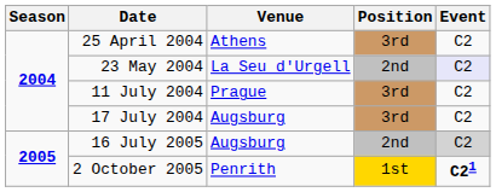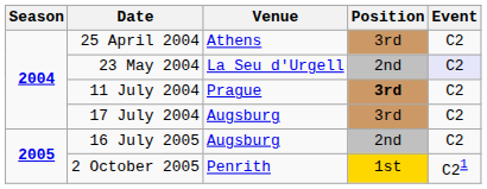 <table class="wikitable" style="text-align:center; font-size:95%;">
 <tr>
 <th>Season</th>
 <th>Date</th>
 <th>Venue</th>
 <th>Position</th>
 <th>Event</th>
 </tr>
 <tr>
 <td rowspan=4><strong><a href='#'>2004</a></strong></td>
 <td align=right>25 April 2004</td>
 <td align=left><a href='#'>Athens</a></td>
 <td bgcolor=cc9966>3rd</td>
 <td>C2</td>
 </tr>
 <tr>
 <td align=right>23 May 2004</td>
 <td align=left><a href='#'>La Seu d'Urgell</a></td>
 <td bgcolor=silver>2nd</td>
 <td style="background: lavender;">C2</td>
 </tr>
 <tr>
 <td align=right>11 July 2004</td>
 <td align=left><a href='#'>Prague</a></td>
-<td bgcolor=cc9966>3rd</td>
+<td bgcolor=cc9966><strong>3rd</strong></td>
 <td>C2</td>
 </tr>
 <tr>
 <td align=right>17 July 2004</td>
 <td align=left><a href='#'>Augsburg</a></td>
 <td bgcolor=cc9966>3rd</td>
 <td>C2</td>
 </tr>
 <tr>
 <td rowspan=2><strong><a href='#'>2005</a></strong></td>
 <td align=right>16 July 2005</td>
 <td align=left><a href='#'>Augsburg</a></td>
 <td bgcolor=silver>2nd</td>
-<td style="background: lightgrey;">C2</td>
+<td>C2</td>
 </tr>
 <tr>
 <td align=right>2 October 2005</td>
 <td align=left><a href='#'>Penrith</a></td>
 <td bgcolor=gold>1st</td>
-<td><strong>C2<sup><a href='#'>1</a></sup></strong></td>
+<td>C2<sup><a href='#'>1</a></sup></td>
 </tr>
 </table>
